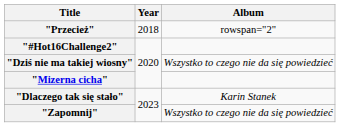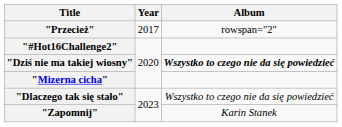 <table class="wikitable plainrowheaders" style="text-align:center;">
 <tr>
 <th scope="col">Title</th>
 <th scope="col">Year</th>
 <th scope="col">Album</th>
 </tr>
 <tr>
 <th scope="row">"Przecież"</th>
-<td>2018</td>
+<td>2017</td>
 <td>rowspan="2" </td>
 </tr>
 <tr>
 <th scope="row">"#Hot16Challenge2"</th>
 <td rowspan="3">2020</td>
 </tr>
 <tr>
 <th scope="row">"Dziś nie ma takiej wiosny"<br></th>
-<td><em>Wszystko to czego nie da się powiedzieć</em></td>
+<td><strong><em>Wszystko to czego nie da się powiedzieć</em></strong></td>
 </tr>
 <tr>
 <th scope="row">"<a href='#'>Mizerna cicha</a>" </th>
 <td></td>
 </tr>
 <tr>
 <th scope="row">"Dlaczego tak się stało"<br></th>
 <td rowspan="2">2023</td>
-<td><em>Karin Stanek</em></td>
+<td><em>Wszystko to czego nie da się powiedzieć</em></td>
 </tr>
 <tr>
 <th scope="row">"Zapomnij"<br></th>
-<td><em>Wszystko to czego nie da się powiedzieć</em></td>
+<td><em>Karin Stanek</em></td>
 </tr>
 </table>
